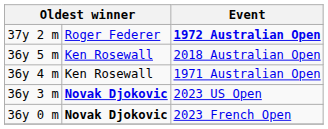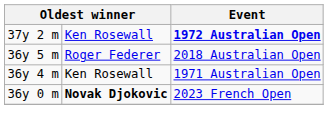 <table class="wikitable" style="display:inline-table;">
 <tr>
 <th colspan=2>Oldest winner</th>
 <th>Event</th>
 </tr>
 <tr>
 <td>37y 2 m</td>
-<td> <a href='#'>Roger Federer</a></td>
+<td> <a href='#'>Ken Rosewall</a></td>
 <td><strong><a href='#'>1972 Australian Open</a></strong></td>
 </tr>
 <tr>
 <td>36y 5 m</td>
-<td> <a href='#'>Ken Rosewall</a></td>
+<td> <a href='#'>Roger Federer</a></td>
 <td><a href='#'>2018 Australian Open</a></td>
 </tr>
 <tr>
 <td>36y 4 m</td>
 <td> Ken Rosewall</td>
 <td><a href='#'>1971 Australian Open</a></td>
-</tr>
-<tr>
-<td>36y 3 m</td>
-<td> <strong><a href='#'>Novak Djokovic</a></strong></td>
-<td><a href='#'>2023 US Open</a></td>
 </tr>
 <tr>
 <td>36y 0 m</td>
 <td> <strong>Novak Djokovic</strong></td>
 <td><a href='#'>2023 French Open</a></td>
 </tr>
 <tr>
 </tr>
 </table>
